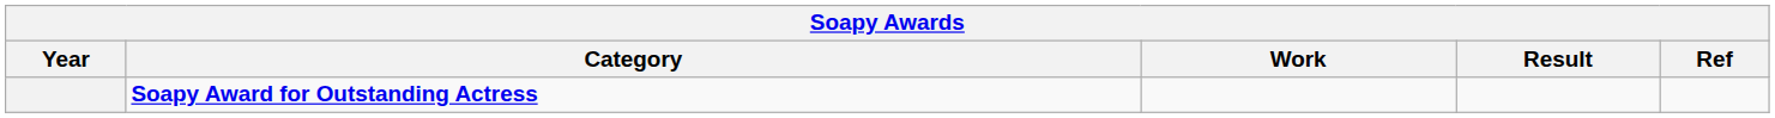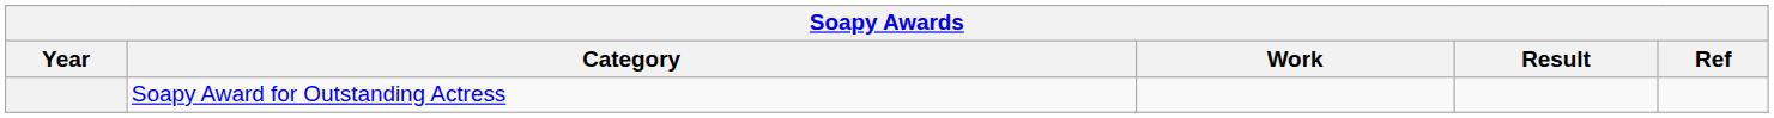 <table class="wikitable sortable plainrowheaders">
 <tr>
 <th colspan="5" style="text-align:center;"><a href='#'>Soapy Awards</a></th>
 </tr>
 <tr>
 <th scope="col" style="width:0.5%;">Year</th>
 <th scope="col" style="width:7%;">Category</th>
 <th scope="col" style="width:2%;">Work</th>
 <th scope="col" style="width:1%;">Result</th>
 <th scope="col" style="width:0.5%;">Ref</th>
 </tr>
 <tr>
 <th scope="row"></th>
-<td><strong><a href='#'>Soapy Award for Outstanding Actress</a></strong></td>
+<td><a href='#'>Soapy Award for Outstanding Actress</a></td>
 <td rowspan=7 style="text-align:center"></td>
 <td></td>
 <td></td>
 </tr>
 </table>
